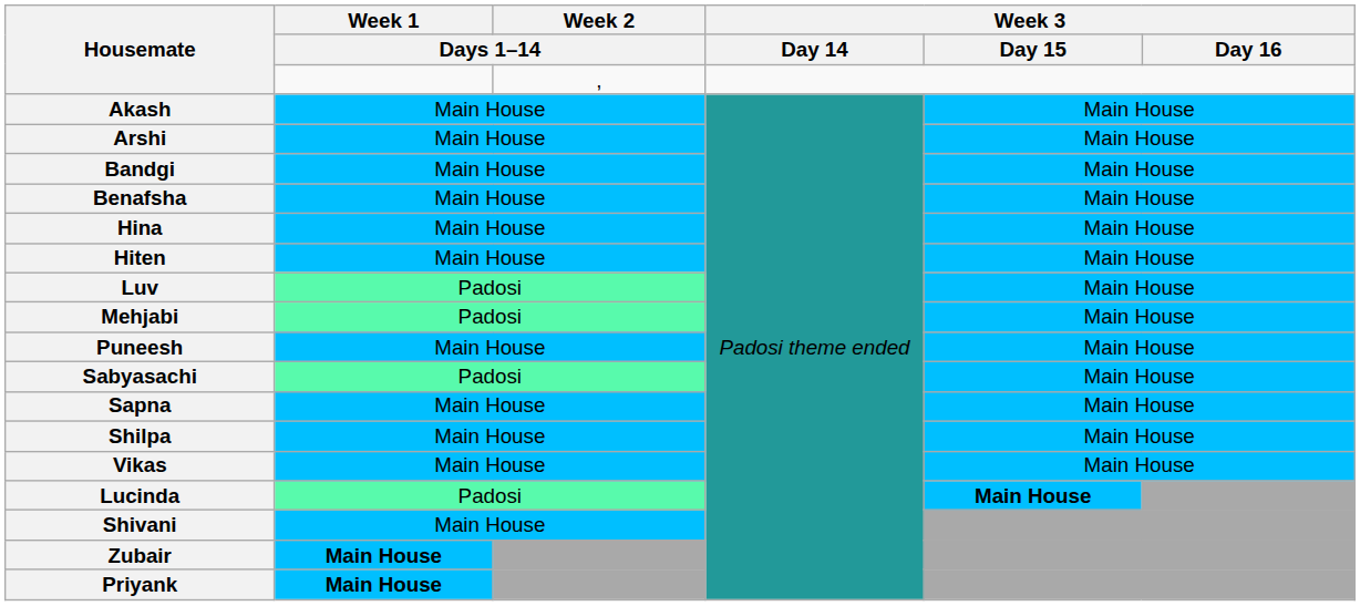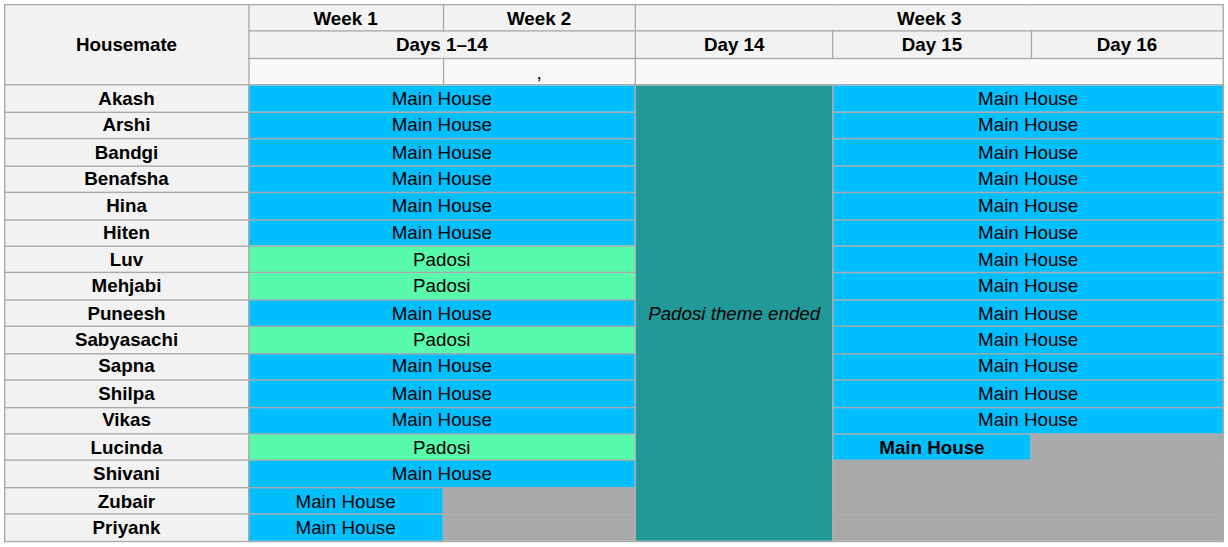 <table class="wikitable" style="text-align:center; width:100%; font-size:85%; font-family: sans-serif; line-height:13px;">
 <tr>
 <th rowspan="3" style="width: 5%;">Housemate</th>
 <th style="width: 5%;">Week 1</th>
 <th style="width: 5%;">Week 2</th>
 <th colspan="3" style="width: 5%;">Week 3</th>
 </tr>
 <tr>
 <th colspan="2" style="width: 5%;">Days 1–14</th>
 <th style="width: 5%;">Day 14</th>
 <th style="width: 5%;">Day 15</th>
 <th style="width: 5%;">Day 16</th>
 </tr>
 <tr>
 <td></td>
 <td>,</td>
 <td colspan="3"></td>
 </tr>
 <tr>
 <th>Akash</th>
 <td colspan="2" style="background:#00BFFF;">Main House</td>
 <td rowspan="17" style="background:#299;"><em>Padosi theme ended</em></td>
 <td colspan="2" style="background:#00BFFF;">Main House</td>
 </tr>
 <tr>
 <th>Arshi</th>
 <td colspan="2" style="background:#00BFFF;">Main House</td>
 <td colspan="2" style="background:#00BFFF;">Main House</td>
 </tr>
 <tr>
 <th>Bandgi</th>
 <td colspan="2" style="background:#00BFFF;">Main House</td>
 <td colspan="2" style="background:#00BFFF;">Main House</td>
 </tr>
 <tr>
 <th>Benafsha</th>
 <td colspan="2" style="background:#00BFFF;">Main House</td>
 <td colspan="2" style="background:#00BFFF;">Main House</td>
 </tr>
 <tr>
 <th>Hina</th>
 <td colspan="2" style="background:#00BFFF;">Main House</td>
 <td colspan="2" style="background:#00BFFF;">Main House</td>
 </tr>
 <tr>
 <th>Hiten</th>
 <td colspan="2" style="background:#00BFFF;">Main House</td>
 <td colspan="2" style="background:#00BFFF;">Main House</td>
 </tr>
 <tr>
 <th>Luv</th>
 <td colspan="2" style="background:#58FAAC;">Padosi</td>
 <td colspan="2" style="background:#00BFFF;">Main House</td>
 </tr>
 <tr>
 <th>Mehjabi</th>
 <td colspan="2" style="background:#58FAAC;">Padosi</td>
 <td colspan="2" style="background:#00BFFF;">Main House</td>
 </tr>
 <tr>
 <th>Puneesh</th>
 <td colspan="2" style="background:#00BFFF;">Main House</td>
 <td colspan="2" style="background:#00BFFF;">Main House</td>
 </tr>
 <tr>
 <th>Sabyasachi</th>
 <td colspan="2" style="background:#58FAAC;">Padosi</td>
 <td colspan="2" style="background:#00BFFF;">Main House</td>
 </tr>
 <tr>
 <th>Sapna</th>
 <td colspan="2" style="background:#00BFFF;">Main House</td>
 <td colspan="2" style="background:#00BFFF;">Main House</td>
 </tr>
 <tr>
 <th>Shilpa</th>
 <td colspan="2" style="background:#00BFFF;">Main House</td>
 <td colspan="2" style="background:#00BFFF;">Main House</td>
 </tr>
 <tr>
 <th>Vikas</th>
 <td colspan="2" style="background:#00BFFF;">Main House</td>
 <td colspan="2" style="background:#00BFFF;">Main House</td>
 </tr>
 <tr>
 <th>Lucinda</th>
 <td colspan="2" style="background:#58FAAC;">Padosi</td>
 <td style="background:#00BFFF;"><strong>Main House</strong></td>
 <td style="background:#A9A9A9;"></td>
 </tr>
 <tr>
 <th>Shivani</th>
 <td colspan="2" style="background:#00BFFF;">Main House</td>
 <td colspan="2" style="background:#A9A9A9;"></td>
 </tr>
 <tr>
 <th>Zubair</th>
-<td style="background:#00BFFF;"><strong>Main House</strong></td>
+<td style="background:#00BFFF;">Main House</td>
 <td colspan="1" style="background:#A9A9A9;"></td>
 <td colspan="2" style="background:#A9A9A9;"></td>
 </tr>
 <tr>
 <th>Priyank</th>
-<td style="background:#00BFFF;"><strong>Main House</strong></td>
+<td style="background:#00BFFF;">Main House</td>
 <td colspan="1" style="background:#A9A9A9;"></td>
 <td colspan="2" style="background:#A9A9A9;"></td>
 </tr>
 </table>
